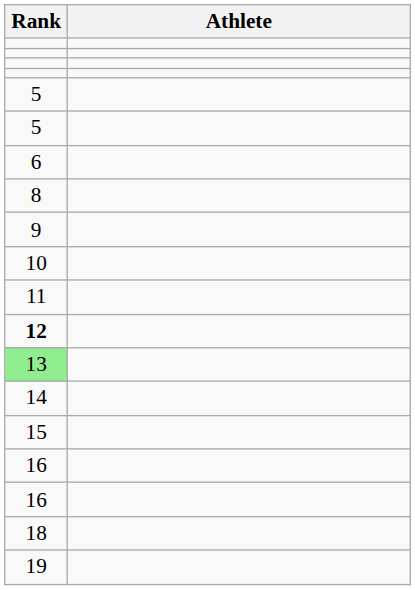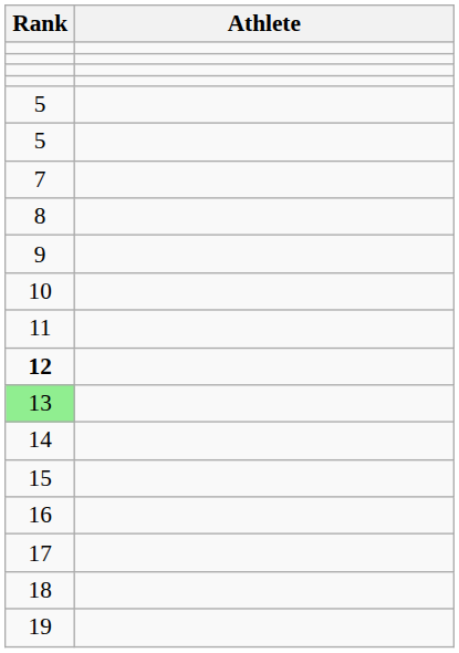 <table class="wikitable" style="text-align: center;">
 <tr>
 <th width=40>Rank</th>
 <th width=250>Athlete</th>
 </tr>
 <tr>
 <td></td>
 <td align="left"></td>
 </tr>
 <tr>
 <td></td>
 <td align="left"></td>
 </tr>
 <tr>
 <td></td>
 <td align="left"></td>
 </tr>
 <tr>
 <td></td>
 <td align="left"></td>
 </tr>
 <tr>
 <td>5</td>
 <td align="left"></td>
 </tr>
 <tr>
 <td>5</td>
 <td align="left"></td>
 </tr>
 <tr>
-<td>6</td>
+<td>7</td>
 <td align="left"></td>
 </tr>
 <tr>
 <td>8</td>
 <td align="left"></td>
 </tr>
 <tr>
 <td>9</td>
 <td align="left"></td>
 </tr>
 <tr>
 <td>10</td>
 <td align="left"></td>
 </tr>
 <tr>
 <td>11</td>
 <td align="left"></td>
 </tr>
 <tr>
 <td><strong>12</strong></td>
 <td align="left"></td>
 </tr>
 <tr>
 <td style="background: lightgreen;">13</td>
 <td align="left"></td>
 </tr>
 <tr>
 <td>14</td>
 <td align="left"></td>
 </tr>
 <tr>
 <td>15</td>
 <td align="left"></td>
 </tr>
 <tr>
 <td>16</td>
 <td align="left"></td>
 </tr>
 <tr>
-<td>16</td>
+<td>17</td>
 <td align="left"></td>
 </tr>
 <tr>
 <td>18</td>
 <td align="left"></td>
 </tr>
 <tr>
 <td>19</td>
 <td align="left"></td>
 </tr>
 </table>
